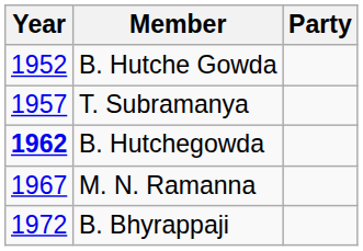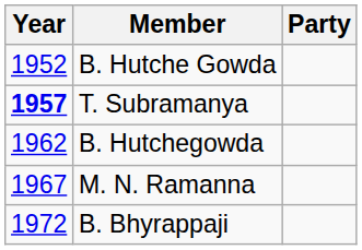 <table class="wikitable">
 <tr>
 <th>Year</th>
 <th>Member</th>
 <th colspan="2">Party</th>
 </tr>
 <tr>
 <td><a href='#'>1952</a></td>
 <td>B. Hutche Gowda</td>
 <td></td>
 </tr>
 <tr>
-<td><a href='#'>1957</a></td>
+<td><strong><a href='#'>1957</a></strong></td>
 <td>T. Subramanya</td>
 <td></td>
 </tr>
 <tr>
-<td><strong><a href='#'>1962</a></strong></td>
+<td><a href='#'>1962</a></td>
 <td>B. Hutchegowda</td>
 <td></td>
 </tr>
 <tr>
 <td><a href='#'>1967</a></td>
 <td>M. N. Ramanna</td>
 <td></td>
 </tr>
 <tr>
 <td><a href='#'>1972</a></td>
 <td>B. Bhyrappaji</td>
 <td></td>
 </tr>
 </table>
